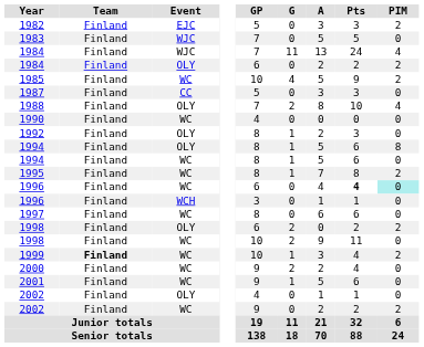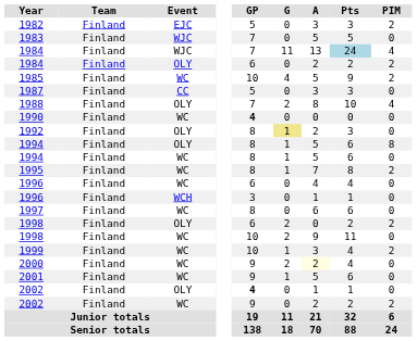 <table border="0" cellpadding="1" cellspacing="0" style="text-align:center; width:40em">
 <tr ALIGN="center" bgcolor="#e0e0e0">
 <th>Year</th>
 <th>Team</th>
 <th>Event</th>
 <th rowspan="99" bgcolor="#ffffff"> </th>
 <th>GP</th>
 <th>G</th>
 <th>A</th>
 <th>Pts</th>
 <th>PIM</th>
 </tr>
 <tr>
 <td><a href='#'>1982</a></td>
 <td><a href='#'>Finland</a></td>
 <td><a href='#'>EJC</a></td>
 <td>5</td>
 <td>0</td>
 <td>3</td>
 <td>3</td>
 <td>2</td>
 </tr>
 <tr bgcolor="#f0f0f0">
 <td><a href='#'>1983</a></td>
 <td>Finland</td>
 <td><a href='#'>WJC</a></td>
 <td>7</td>
 <td>0</td>
 <td>5</td>
 <td>5</td>
 <td>0</td>
 </tr>
 <tr>
 <td><a href='#'>1984</a></td>
 <td>Finland</td>
 <td>WJC</td>
 <td>7</td>
 <td>11</td>
 <td>13</td>
-<td>24</td>
+<td style="background: lightblue;">24</td>
 <td>4</td>
 </tr>
 <tr bgcolor="#f0f0f0">
 <td><a href='#'>1984</a></td>
 <td><a href='#'>Finland</a></td>
 <td><a href='#'>OLY</a></td>
 <td>6</td>
 <td>0</td>
 <td>2</td>
 <td>2</td>
 <td>2</td>
 </tr>
 <tr>
 <td><a href='#'>1985</a></td>
 <td>Finland</td>
 <td><a href='#'>WC</a></td>
 <td>10</td>
 <td>4</td>
 <td>5</td>
 <td>9</td>
 <td>2</td>
 </tr>
 <tr bgcolor="#f0f0f0">
 <td><a href='#'>1987</a></td>
 <td>Finland</td>
 <td><a href='#'>CC</a></td>
 <td>5</td>
 <td>0</td>
 <td>3</td>
 <td>3</td>
 <td>0</td>
 </tr>
 <tr>
 <td><a href='#'>1988</a></td>
 <td>Finland</td>
 <td>OLY</td>
 <td>7</td>
 <td>2</td>
 <td>8</td>
 <td>10</td>
 <td>4</td>
 </tr>
 <tr bgcolor="#f0f0f0">
 <td><a href='#'>1990</a></td>
 <td>Finland</td>
 <td>WC</td>
-<td>4</td>
+<td><strong>4</strong></td>
 <td>0</td>
 <td>0</td>
 <td>0</td>
 <td>0</td>
 </tr>
 <tr>
 <td><a href='#'>1992</a></td>
 <td>Finland</td>
 <td>OLY</td>
 <td>8</td>
-<td>1</td>
+<td style="background: khaki;">1</td>
 <td>2</td>
 <td>3</td>
 <td>0</td>
 </tr>
 <tr bgcolor="#f0f0f0">
 <td><a href='#'>1994</a></td>
 <td>Finland</td>
 <td>OLY</td>
 <td>8</td>
 <td>1</td>
 <td>5</td>
 <td>6</td>
 <td>8</td>
 </tr>
 <tr>
 <td><a href='#'>1994</a></td>
 <td>Finland</td>
 <td>WC</td>
 <td>8</td>
 <td>1</td>
 <td>5</td>
 <td>6</td>
 <td>0</td>
 </tr>
 <tr bgcolor="#f0f0f0">
 <td><a href='#'>1995</a></td>
 <td>Finland</td>
 <td>WC</td>
 <td>8</td>
 <td>1</td>
 <td>7</td>
 <td>8</td>
 <td>2</td>
 </tr>
 <tr>
 <td><a href='#'>1996</a></td>
 <td>Finland</td>
 <td>WC</td>
 <td>6</td>
 <td>0</td>
 <td>4</td>
-<td><strong>4</strong></td>
-<td style="background: paleturquoise;">0</td>
+<td>4</td>
+<td>0</td>
 </tr>
 <tr bgcolor="#f0f0f0">
 <td><a href='#'>1996</a></td>
 <td>Finland</td>
 <td><a href='#'>WCH</a></td>
 <td>3</td>
 <td>0</td>
 <td>1</td>
 <td>1</td>
 <td>0</td>
 </tr>
 <tr>
 <td><a href='#'>1997</a></td>
 <td>Finland</td>
 <td>WC</td>
 <td>8</td>
 <td>0</td>
 <td>6</td>
 <td>6</td>
 <td>0</td>
 </tr>
 <tr bgcolor="#f0f0f0">
 <td><a href='#'>1998</a></td>
 <td>Finland</td>
 <td>OLY</td>
 <td>6</td>
 <td>2</td>
 <td>0</td>
 <td>2</td>
 <td>2</td>
 </tr>
 <tr>
 <td><a href='#'>1998</a></td>
 <td>Finland</td>
 <td>WC</td>
 <td>10</td>
 <td>2</td>
 <td>9</td>
 <td>11</td>
 <td>0</td>
 </tr>
 <tr bgcolor="#f0f0f0">
 <td><a href='#'>1999</a></td>
-<td><strong>Finland</strong></td>
+<td>Finland</td>
 <td>WC</td>
 <td>10</td>
 <td>1</td>
 <td>3</td>
 <td>4</td>
 <td>2</td>
 </tr>
 <tr>
 <td><a href='#'>2000</a></td>
 <td>Finland</td>
 <td>WC</td>
 <td>9</td>
 <td>2</td>
-<td>2</td>
+<td style="background: lightyellow;">2</td>
 <td>4</td>
 <td>0</td>
 </tr>
 <tr bgcolor="#f0f0f0">
 <td><a href='#'>2001</a></td>
 <td>Finland</td>
 <td>WC</td>
 <td>9</td>
 <td>1</td>
 <td>5</td>
 <td>6</td>
 <td>0</td>
 </tr>
 <tr>
 <td><a href='#'>2002</a></td>
 <td>Finland</td>
 <td>OLY</td>
-<td>4</td>
+<td><strong>4</strong></td>
 <td>0</td>
 <td>1</td>
 <td>1</td>
 <td>0</td>
 </tr>
 <tr bgcolor="#f0f0f0">
 <td><a href='#'>2002</a></td>
 <td>Finland</td>
 <td>WC</td>
 <td>9</td>
 <td>0</td>
 <td>2</td>
 <td>2</td>
 <td>2</td>
 </tr>
 <tr bgcolor="#e0e0e0">
 <th colspan=3>Junior totals</th>
 <th>19</th>
 <th>11</th>
 <th>21</th>
 <th>32</th>
 <th>6</th>
 </tr>
 <tr bgcolor="#e0e0e0">
 <th colspan=3>Senior totals</th>
 <th>138</th>
 <th>18</th>
 <th>70</th>
 <th>88</th>
 <th>24</th>
 </tr>
 </table>
